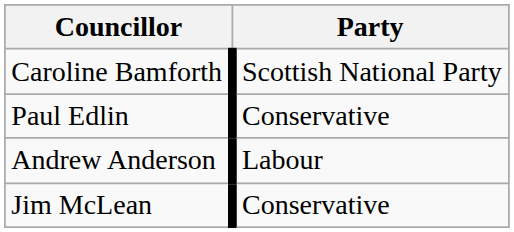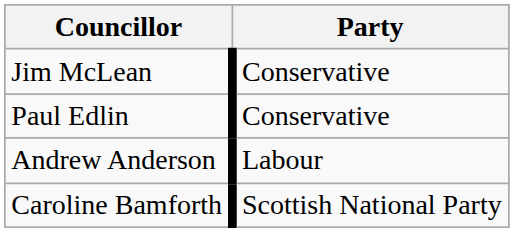 <table class="wikitable" border="1">
 <tr>
 <th>Councillor</th>
 <th>Party</th>
 </tr>
 <tr>
-<td>Caroline Bamforth</td>
-<td style="border-left: 5px solid ">Scottish National Party</td>
+<td>Jim McLean</td>
+<td style="border-left: 5px solid ">Conservative</td>
 </tr>
 <tr>
 <td>Paul Edlin</td>
 <td style="border-left: 5px solid ">Conservative</td>
 </tr>
 <tr>
 <td>Andrew Anderson</td>
 <td style="border-left: 5px solid ">Labour</td>
 </tr>
 <tr>
-<td>Jim McLean</td>
-<td style="border-left: 5px solid ">Conservative</td>
+<td>Caroline Bamforth</td>
+<td style="border-left: 5px solid ">Scottish National Party</td>
 </tr>
 </table>
